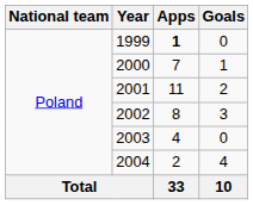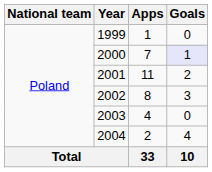 <table class="wikitable" style="text-align:center">
 <tr>
 <th>National team</th>
 <th>Year</th>
 <th>Apps</th>
 <th>Goals</th>
 </tr>
 <tr>
 <td rowspan="6"><a href='#'>Poland</a></td>
 <td>1999</td>
-<td><strong>1</strong></td>
+<td>1</td>
 <td>0</td>
 </tr>
 <tr>
 <td>2000</td>
 <td>7</td>
-<td>1</td>
+<td style="background: lavender;">1</td>
 </tr>
 <tr>
 <td>2001</td>
 <td>11</td>
 <td>2</td>
 </tr>
 <tr>
 <td>2002</td>
 <td>8</td>
 <td>3</td>
 </tr>
 <tr>
 <td>2003</td>
 <td>4</td>
 <td>0</td>
 </tr>
 <tr>
 <td>2004</td>
 <td>2</td>
 <td>4</td>
 </tr>
 <tr>
 <th colspan="2">Total</th>
 <th>33</th>
 <th>10</th>
 </tr>
 </table>
